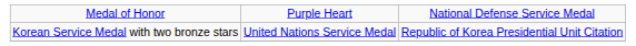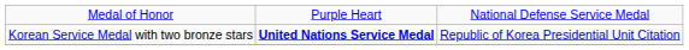 <table class="wikitable" style="margin:1em auto; text-align:center;">
 <tr>
 <td><a href='#'>Medal of Honor</a></td>
 <td><a href='#'>Purple Heart</a></td>
 <td><a href='#'>National Defense Service Medal</a></td>
 </tr>
 <tr>
 <td><a href='#'>Korean Service Medal</a> with two bronze stars</td>
-<td><a href='#'>United Nations Service Medal</a></td>
+<td><strong><a href='#'>United Nations Service Medal</a></strong></td>
 <td><a href='#'>Republic of Korea Presidential Unit Citation</a></td>
 </tr>
 <tr>
 </tr>
 </table>
